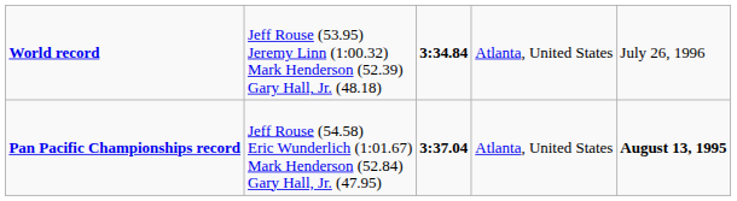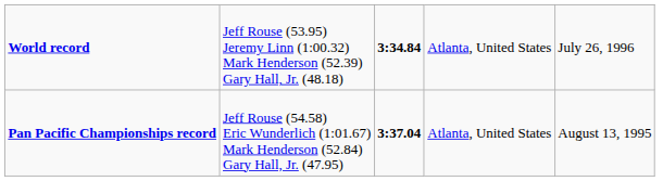 <table class="wikitable">
 <tr>
 <td><strong><a href='#'>World record</a></strong></td>
 <td><br><a href='#'>Jeff Rouse</a> (53.95) <br><a href='#'>Jeremy Linn</a> (1:00.32)<br><a href='#'>Mark Henderson</a> (52.39)<br><a href='#'>Gary Hall, Jr.</a> (48.18)</td>
 <td><strong>3:34.84</strong></td>
 <td><a href='#'>Atlanta</a>, United States</td>
 <td>July 26, 1996</td>
 </tr>
 <tr>
 <td><strong><a href='#'>Pan Pacific Championships record</a></strong></td>
 <td><br><a href='#'>Jeff Rouse</a> (54.58) <br><a href='#'>Eric Wunderlich</a> (1:01.67) <br><a href='#'>Mark Henderson</a> (52.84) <br><a href='#'>Gary Hall, Jr.</a> (47.95)</td>
 <td><strong>3:37.04</strong></td>
 <td><a href='#'>Atlanta</a>, United States</td>
-<td><strong>August 13, 1995</strong></td>
+<td>August 13, 1995</td>
 </tr>
 </table>
